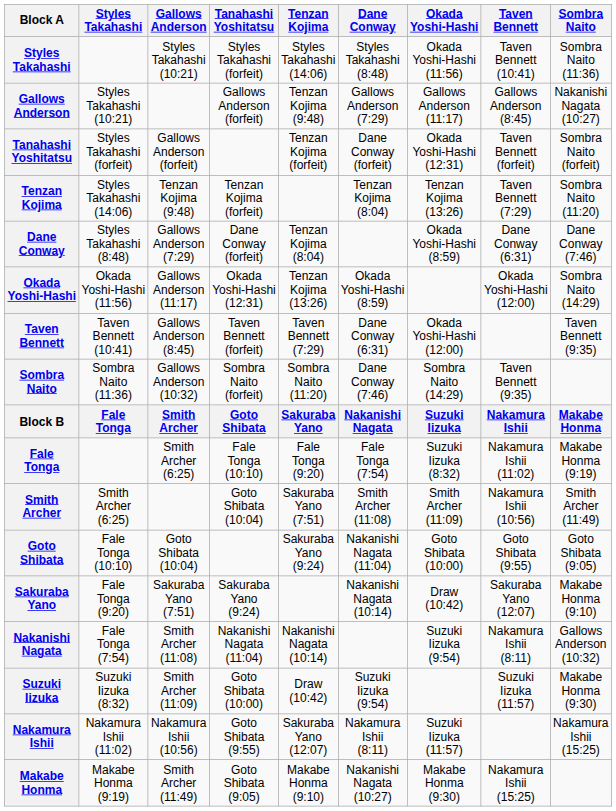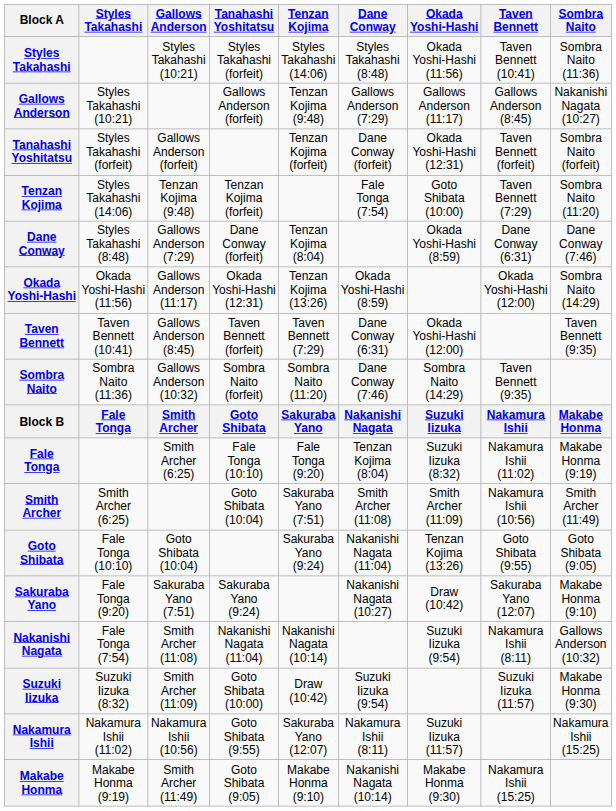 <table class="wikitable" style="text-align:center; margin: 1em auto 1em auto">
 <tr align="center">
 <th>Block A</th>
 <th><a href='#'>Styles</a><br><a href='#'>Takahashi</a></th>
 <th><a href='#'>Gallows</a><br><a href='#'>Anderson</a></th>
 <th><a href='#'>Tanahashi</a><br><a href='#'>Yoshitatsu</a></th>
 <th><a href='#'>Tenzan</a><br><a href='#'>Kojima</a></th>
 <th><a href='#'>Dane</a><br><a href='#'>Conway</a></th>
 <th><a href='#'>Okada</a><br><a href='#'>Yoshi-Hashi</a></th>
 <th><a href='#'>Taven</a><br><a href='#'>Bennett</a></th>
 <th><a href='#'>Sombra</a><br><a href='#'>Naito</a></th>
 </tr>
 <tr align="center">
 <th><a href='#'>Styles</a><br><a href='#'>Takahashi</a></th>
 <td></td>
 <td>Styles<br>Takahashi<br>(10:21)</td>
 <td>Styles<br>Takahashi<br>(forfeit)</td>
 <td>Styles<br>Takahashi<br>(14:06)</td>
 <td>Styles<br>Takahashi<br>(8:48)</td>
 <td>Okada<br>Yoshi-Hashi<br>(11:56)</td>
 <td>Taven<br>Bennett<br>(10:41)</td>
 <td>Sombra<br>Naito<br>(11:36)</td>
 </tr>
 <tr align="center">
 <th><a href='#'>Gallows</a><br><a href='#'>Anderson</a></th>
 <td>Styles<br>Takahashi<br>(10:21)</td>
 <td></td>
 <td>Gallows<br>Anderson<br>(forfeit)</td>
 <td>Tenzan<br>Kojima<br>(9:48)</td>
 <td>Gallows<br>Anderson<br>(7:29)</td>
 <td>Gallows<br>Anderson<br>(11:17)</td>
 <td>Gallows<br>Anderson<br>(8:45)</td>
 <td>Nakanishi<br>Nagata<br>(10:27)</td>
 </tr>
 <tr align="center">
 <th><a href='#'>Tanahashi</a><br><a href='#'>Yoshitatsu</a></th>
 <td>Styles<br>Takahashi<br>(forfeit)</td>
 <td>Gallows<br>Anderson<br>(forfeit)</td>
 <td></td>
 <td>Tenzan<br>Kojima<br>(forfeit)</td>
 <td>Dane<br>Conway<br>(forfeit)</td>
 <td>Okada<br>Yoshi-Hashi<br>(12:31)</td>
 <td>Taven<br>Bennett<br>(forfeit)</td>
 <td>Sombra<br>Naito<br>(forfeit)</td>
 </tr>
 <tr align="center">
 <th><a href='#'>Tenzan</a><br><a href='#'>Kojima</a></th>
 <td>Styles<br>Takahashi<br>(14:06)</td>
 <td>Tenzan<br>Kojima<br>(9:48)</td>
 <td>Tenzan<br>Kojima<br>(forfeit)</td>
 <td></td>
-<td>Tenzan<br>Kojima<br>(8:04)</td>
-<td>Tenzan<br>Kojima<br>(13:26)</td>
+<td>Fale<br>Tonga<br>(7:54)</td>
+<td>Goto<br>Shibata<br>(10:00)</td>
 <td>Taven<br>Bennett<br>(7:29)</td>
 <td>Sombra<br>Naito<br>(11:20)</td>
 </tr>
 <tr align="center">
 <th><a href='#'>Dane</a><br><a href='#'>Conway</a></th>
 <td>Styles<br>Takahashi<br>(8:48)</td>
 <td>Gallows<br>Anderson<br>(7:29)</td>
 <td>Dane<br>Conway<br>(forfeit)</td>
 <td>Tenzan<br>Kojima<br>(8:04)</td>
 <td></td>
 <td>Okada<br>Yoshi-Hashi<br>(8:59)</td>
 <td>Dane<br>Conway<br>(6:31)</td>
 <td>Dane<br>Conway<br>(7:46)</td>
 </tr>
 <tr align="center">
 <th><a href='#'>Okada</a><br><a href='#'>Yoshi-Hashi</a></th>
 <td>Okada<br>Yoshi-Hashi<br>(11:56)</td>
 <td>Gallows<br>Anderson<br>(11:17)</td>
 <td>Okada<br>Yoshi-Hashi<br>(12:31)</td>
 <td>Tenzan<br>Kojima<br>(13:26)</td>
 <td>Okada<br>Yoshi-Hashi<br>(8:59)</td>
 <td></td>
 <td>Okada<br>Yoshi-Hashi<br>(12:00)</td>
 <td>Sombra<br>Naito<br>(14:29)</td>
 </tr>
 <tr align="center">
 <th><a href='#'>Taven</a><br><a href='#'>Bennett</a></th>
 <td>Taven<br>Bennett<br>(10:41)</td>
 <td>Gallows<br>Anderson<br>(8:45)</td>
 <td>Taven<br>Bennett<br>(forfeit)</td>
 <td>Taven<br>Bennett<br>(7:29)</td>
 <td>Dane<br>Conway<br>(6:31)</td>
 <td>Okada<br>Yoshi-Hashi<br>(12:00)</td>
 <td></td>
 <td>Taven<br>Bennett<br>(9:35)</td>
 </tr>
 <tr align="center">
 <th><a href='#'>Sombra</a><br><a href='#'>Naito</a></th>
 <td>Sombra<br>Naito<br>(11:36)</td>
 <td>Gallows<br>Anderson<br>(10:32)</td>
 <td>Sombra<br>Naito<br>(forfeit)</td>
 <td>Sombra<br>Naito<br>(11:20)</td>
 <td>Dane<br>Conway<br>(7:46)</td>
 <td>Sombra<br>Naito<br>(14:29)</td>
 <td>Taven<br>Bennett<br>(9:35)</td>
 <td></td>
 </tr>
 <tr align="center">
 <th>Block B</th>
 <th><a href='#'>Fale</a><br><a href='#'>Tonga</a></th>
 <th><a href='#'>Smith</a><br><a href='#'>Archer</a></th>
 <th><a href='#'>Goto</a><br><a href='#'>Shibata</a></th>
 <th><a href='#'>Sakuraba</a><br><a href='#'>Yano</a></th>
 <th><a href='#'>Nakanishi</a><br><a href='#'>Nagata</a></th>
 <th><a href='#'>Suzuki</a><br><a href='#'>Iizuka</a></th>
 <th><a href='#'>Nakamura</a><br><a href='#'>Ishii</a></th>
 <th><a href='#'>Makabe</a><br><a href='#'>Honma</a></th>
 </tr>
 <tr align="center">
 <th><a href='#'>Fale</a><br><a href='#'>Tonga</a></th>
 <td></td>
 <td>Smith<br>Archer<br>(6:25)</td>
 <td>Fale<br>Tonga<br>(10:10)</td>
 <td>Fale<br>Tonga<br>(9:20)</td>
-<td>Fale<br>Tonga<br>(7:54)</td>
+<td>Tenzan<br>Kojima<br>(8:04)</td>
 <td>Suzuki<br>Iizuka<br>(8:32)</td>
 <td>Nakamura<br>Ishii<br>(11:02)</td>
 <td>Makabe<br>Honma<br>(9:19)</td>
 </tr>
 <tr align="center">
 <th><a href='#'>Smith</a><br><a href='#'>Archer</a></th>
 <td>Smith<br>Archer<br>(6:25)</td>
 <td></td>
 <td>Goto<br>Shibata<br>(10:04)</td>
 <td>Sakuraba<br>Yano<br>(7:51)</td>
 <td>Smith<br>Archer<br>(11:08)</td>
 <td>Smith<br>Archer<br>(11:09)</td>
 <td>Nakamura<br>Ishii<br>(10:56)</td>
 <td>Smith<br>Archer<br>(11:49)</td>
 </tr>
 <tr align="center">
 <th><a href='#'>Goto</a><br><a href='#'>Shibata</a></th>
 <td>Fale<br>Tonga<br>(10:10)</td>
 <td>Goto<br>Shibata<br>(10:04)</td>
 <td></td>
 <td>Sakuraba<br>Yano<br>(9:24)</td>
 <td>Nakanishi<br>Nagata<br>(11:04)</td>
-<td>Goto<br>Shibata<br>(10:00)</td>
+<td>Tenzan<br>Kojima<br>(13:26)</td>
 <td>Goto<br>Shibata<br>(9:55)</td>
 <td>Goto<br>Shibata<br>(9:05)</td>
 </tr>
 <tr align="center">
 <th><a href='#'>Sakuraba</a><br><a href='#'>Yano</a></th>
 <td>Fale<br>Tonga<br>(9:20)</td>
 <td>Sakuraba<br>Yano<br>(7:51)</td>
 <td>Sakuraba<br>Yano<br>(9:24)</td>
 <td></td>
-<td>Nakanishi<br>Nagata<br>(10:14)</td>
+<td>Nakanishi<br>Nagata<br>(10:27)</td>
 <td>Draw<br>(10:42)</td>
 <td>Sakuraba<br>Yano<br>(12:07)</td>
 <td>Makabe<br>Honma<br>(9:10)</td>
 </tr>
 <tr align="center">
 <th><a href='#'>Nakanishi</a><br><a href='#'>Nagata</a></th>
 <td>Fale<br>Tonga<br>(7:54)</td>
 <td>Smith<br>Archer<br>(11:08)</td>
 <td>Nakanishi<br>Nagata<br>(11:04)</td>
 <td>Nakanishi<br>Nagata<br>(10:14)</td>
 <td></td>
 <td>Suzuki<br>Iizuka<br>(9:54)</td>
 <td>Nakamura<br>Ishii<br>(8:11)</td>
 <td>Gallows<br>Anderson<br>(10:32)</td>
 </tr>
 <tr align="center">
 <th><a href='#'>Suzuki</a><br><a href='#'>Iizuka</a></th>
 <td>Suzuki<br>Iizuka<br>(8:32)</td>
 <td>Smith<br>Archer<br>(11:09)</td>
 <td>Goto<br>Shibata<br>(10:00)</td>
 <td>Draw<br>(10:42)</td>
 <td>Suzuki<br>Iizuka<br>(9:54)</td>
 <td></td>
 <td>Suzuki<br>Iizuka<br>(11:57)</td>
 <td>Makabe<br>Honma<br>(9:30)</td>
 </tr>
 <tr align="center">
 <th><a href='#'>Nakamura</a><br><a href='#'>Ishii</a></th>
 <td>Nakamura<br>Ishii<br>(11:02)</td>
 <td>Nakamura<br>Ishii<br>(10:56)</td>
 <td>Goto<br>Shibata<br>(9:55)</td>
 <td>Sakuraba<br>Yano<br>(12:07)</td>
 <td>Nakamura<br>Ishii<br>(8:11)</td>
 <td>Suzuki<br>Iizuka<br>(11:57)</td>
 <td></td>
 <td>Nakamura<br>Ishii<br>(15:25)</td>
 </tr>
 <tr align="center">
 <th><a href='#'>Makabe</a><br><a href='#'>Honma</a></th>
 <td>Makabe<br>Honma<br>(9:19)</td>
 <td>Smith<br>Archer<br>(11:49)</td>
 <td>Goto<br>Shibata<br>(9:05)</td>
 <td>Makabe<br>Honma<br>(9:10)</td>
-<td>Nakanishi<br>Nagata<br>(10:27)</td>
+<td>Nakanishi<br>Nagata<br>(10:14)</td>
 <td>Makabe<br>Honma<br>(9:30)</td>
 <td>Nakamura<br>Ishii<br>(15:25)</td>
 <td></td>
 </tr>
 </table>
